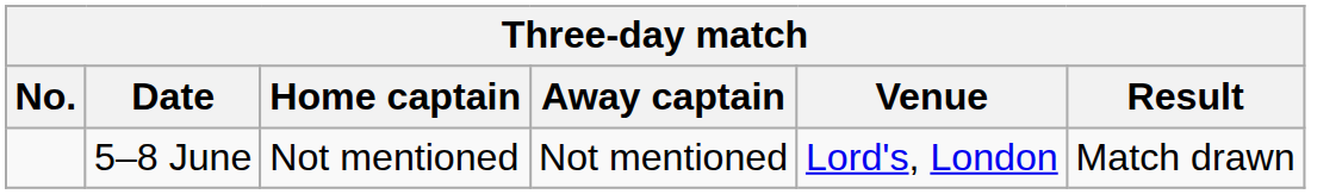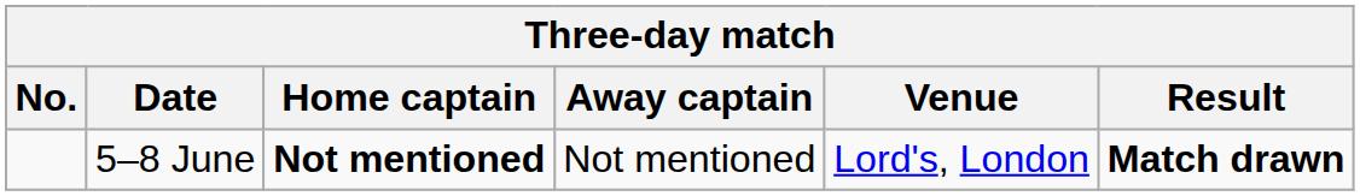 <table class="wikitable">
 <tr>
 <th colspan="9">Three-day match</th>
 </tr>
 <tr>
 <th>No.</th>
 <th>Date</th>
 <th>Home captain</th>
 <th>Away captain</th>
 <th>Venue</th>
 <th>Result</th>
 </tr>
 <tr>
 <td></td>
 <td>5–8 June</td>
-<td>Not mentioned</td>
+<td><strong>Not mentioned</strong></td>
 <td>Not mentioned</td>
 <td><a href='#'>Lord's</a>, <a href='#'>London</a></td>
-<td>Match drawn</td>
+<td><strong>Match drawn</strong></td>
 </tr>
 </table>
